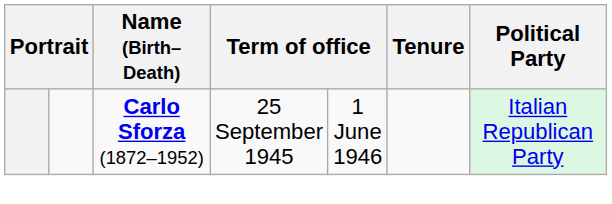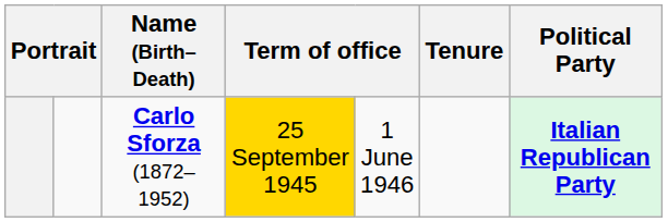 <table class="wikitable" style="text-align:center; width:70%; border:1px #AAAAFF solid">
 <tr>
 <th colspan=2 width=10%>Portrait</th>
 <th width=25%>Name<br><small>(Birth–Death)</small></th>
 <th colspan=2 width=25%>Term of office</th>
 <th width=10%>Tenure<br></th>
 <th width=25%>Political Party</th>
 </tr>
 <tr>
 <th style="background:"></th>
 <td></td>
 <td><strong><a href='#'>Carlo Sforza</a></strong><br><small>(1872–1952)</small></td>
-<td>25 September 1945</td>
+<td style="background: gold;">25 September 1945</td>
 <td>1 June 1946</td>
 <td></td>
-<td bgcolor=#DCF8E3><a href='#'>Italian Republican Party</a></td>
+<td bgcolor=#DCF8E3><strong><a href='#'>Italian Republican Party</a></strong></td>
 </tr>
 </table>
